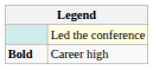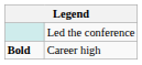 <table class="wikitable mw-collapsible">
 <tr>
 <th colspan="2">Legend</th>
 </tr>
 <tr>
 <td style="background:#cfecec; width:3em;"></td>
-<td style="background: lightyellow;">Led the conference</td>
+<td>Led the conference</td>
 </tr>
 <tr>
 <td><strong>Bold</strong></td>
 <td>Career high</td>
 </tr>
 </table>
